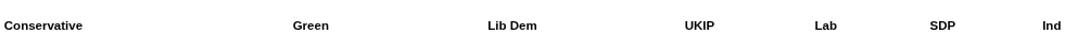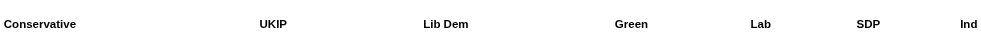 <table style="width:100%; text-align:center;">
 <tr style="color:white;">
 <td style="background:"><strong>32</strong></td>
+<td style="background:"><strong>2</strong></td>
+<td style="background:"><strong>6</strong></td>
 <td style="background:"><strong>8</strong></td>
-<td style="background:"><strong>6</strong></td>
-<td style="background:"><strong>2</strong></td>
 <td style="background:"><strong>1</strong></td>
 <td style="background:"><strong>1</strong></td>
 <td style="background:"><strong>1</strong></td>
 </tr>
 <tr>
 <td><span><strong>Conservative</strong></span></td>
+<td><span><strong>UKIP</strong></span></td>
+<td><span><strong>Lib Dem</strong></span></td>
 <td><span><strong>Green</strong></span></td>
-<td><span><strong>Lib Dem</strong></span></td>
-<td><span><strong>UKIP</strong></span></td>
 <td><span><strong>Lab</strong></span></td>
 <td><span><strong>SDP</strong></span></td>
 <td><span><strong>Ind</strong></span></td>
 </tr>
 </table>
